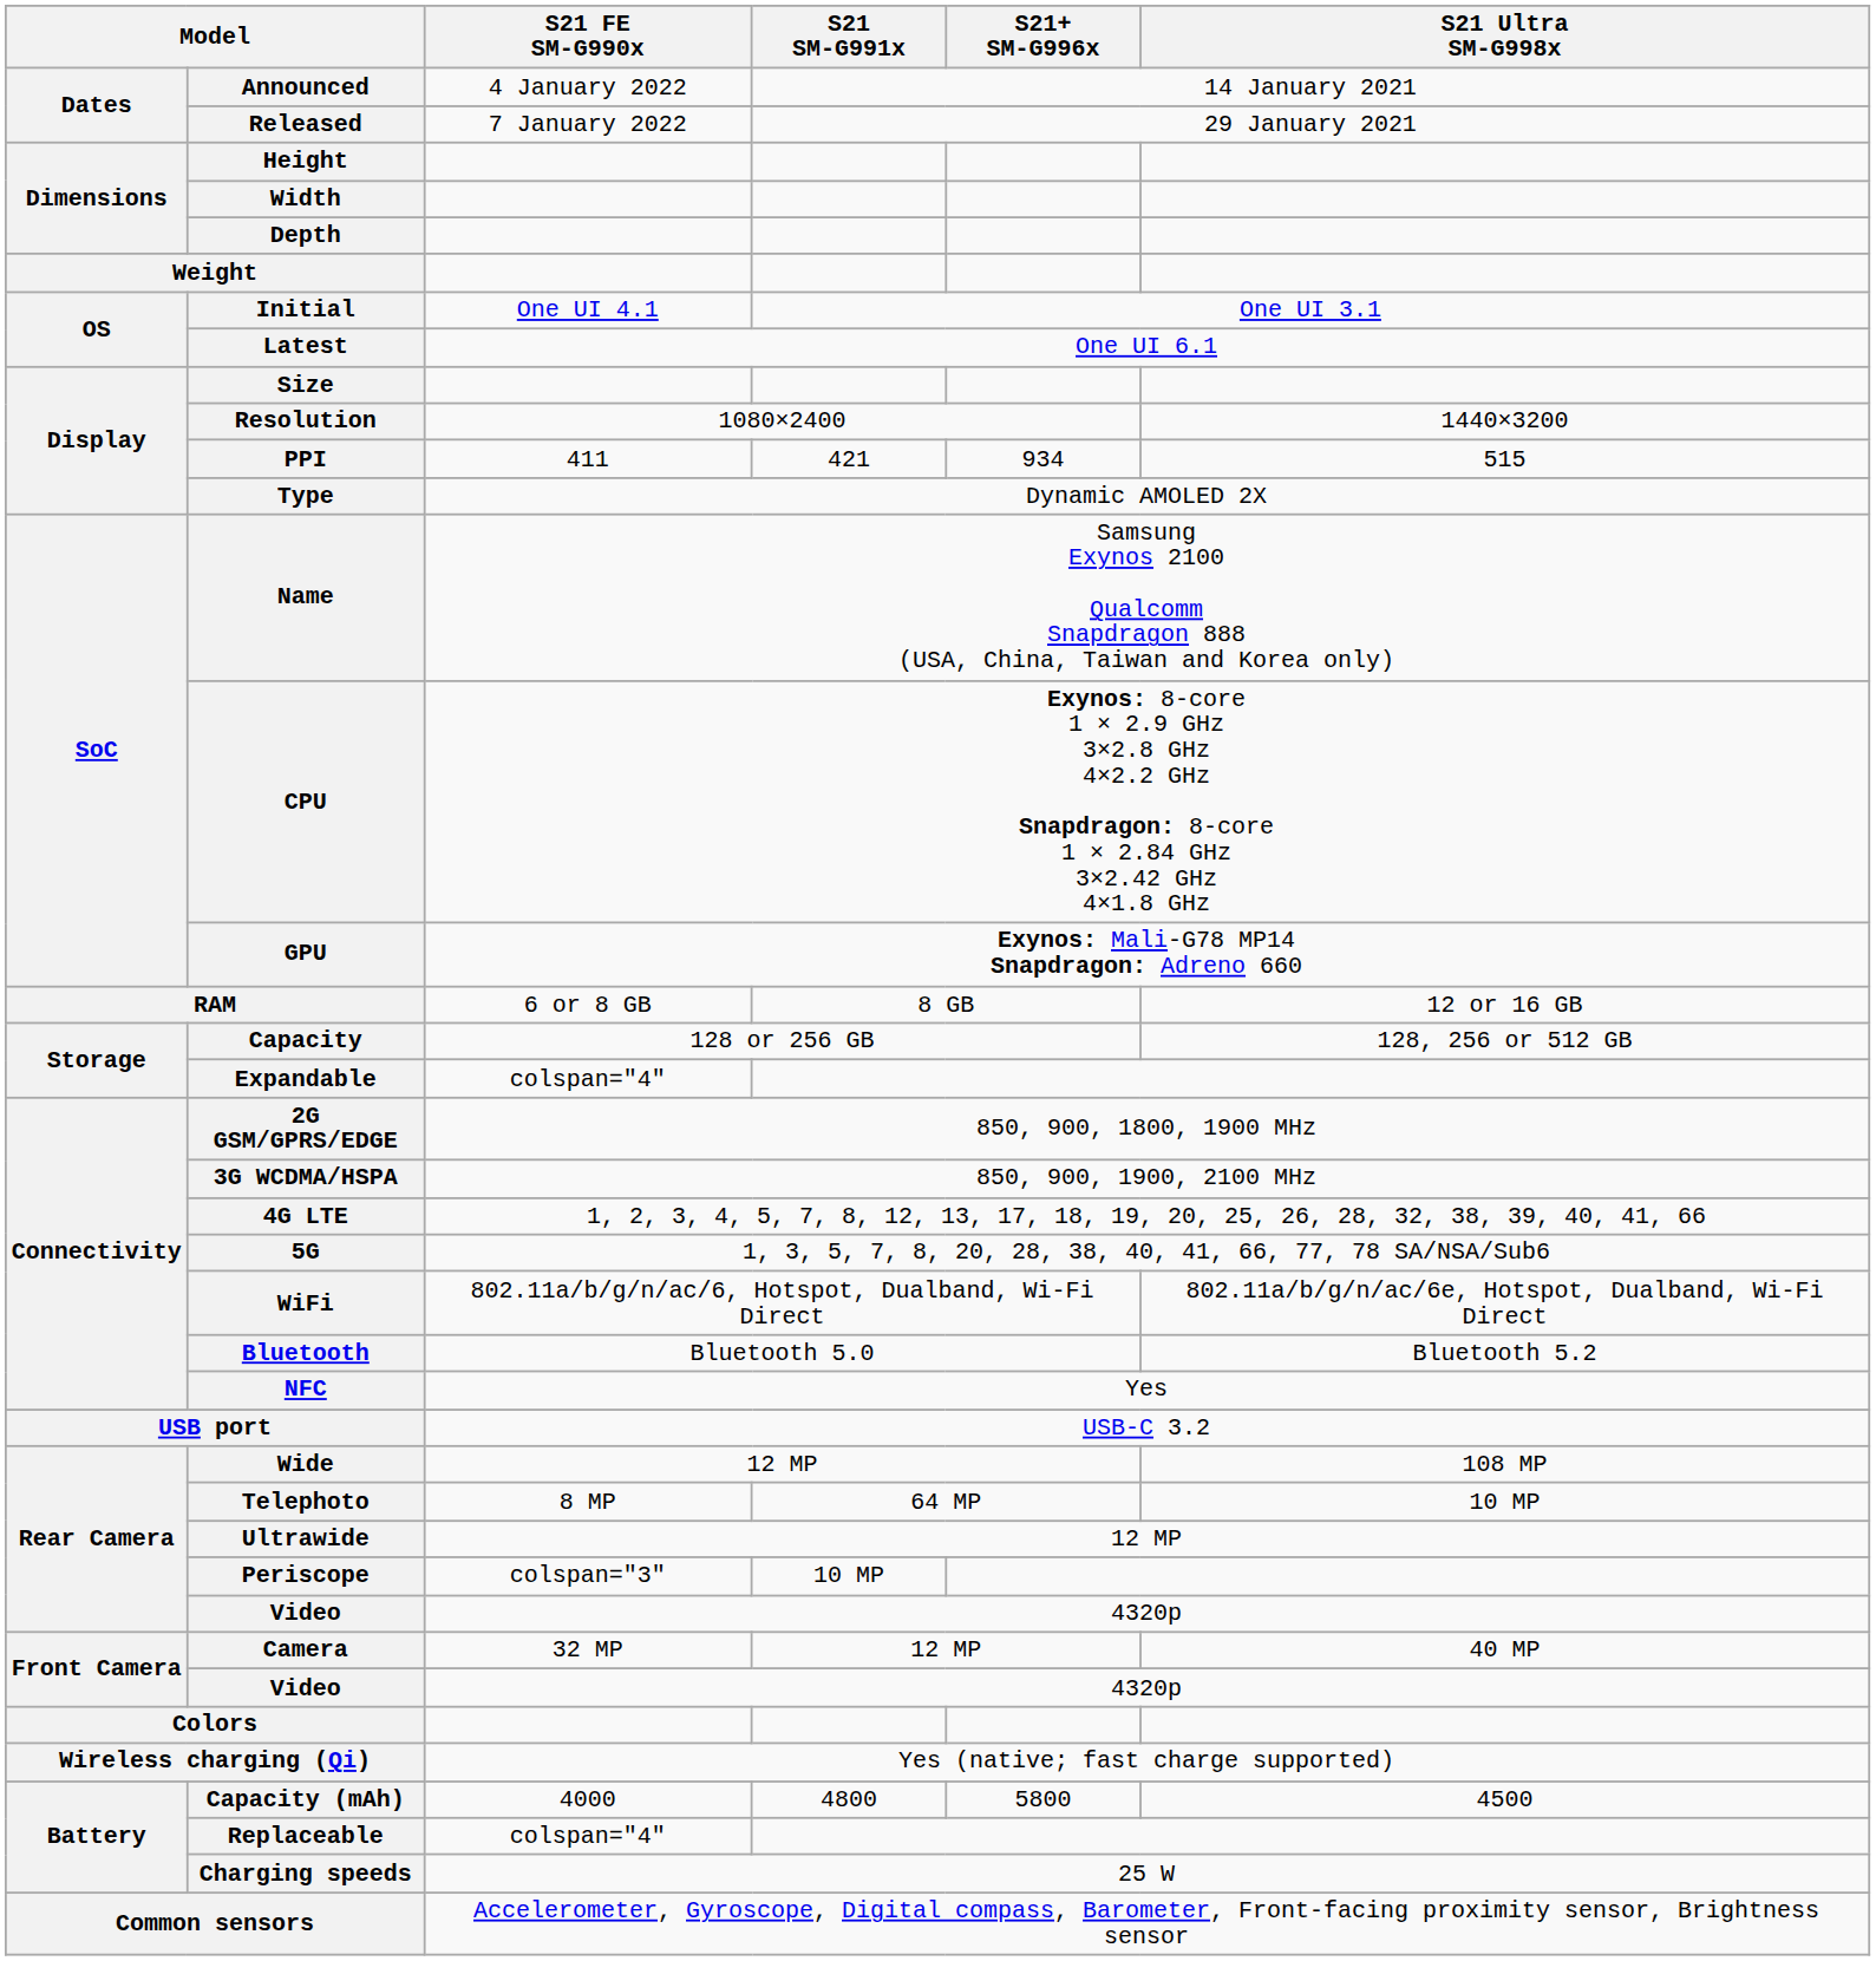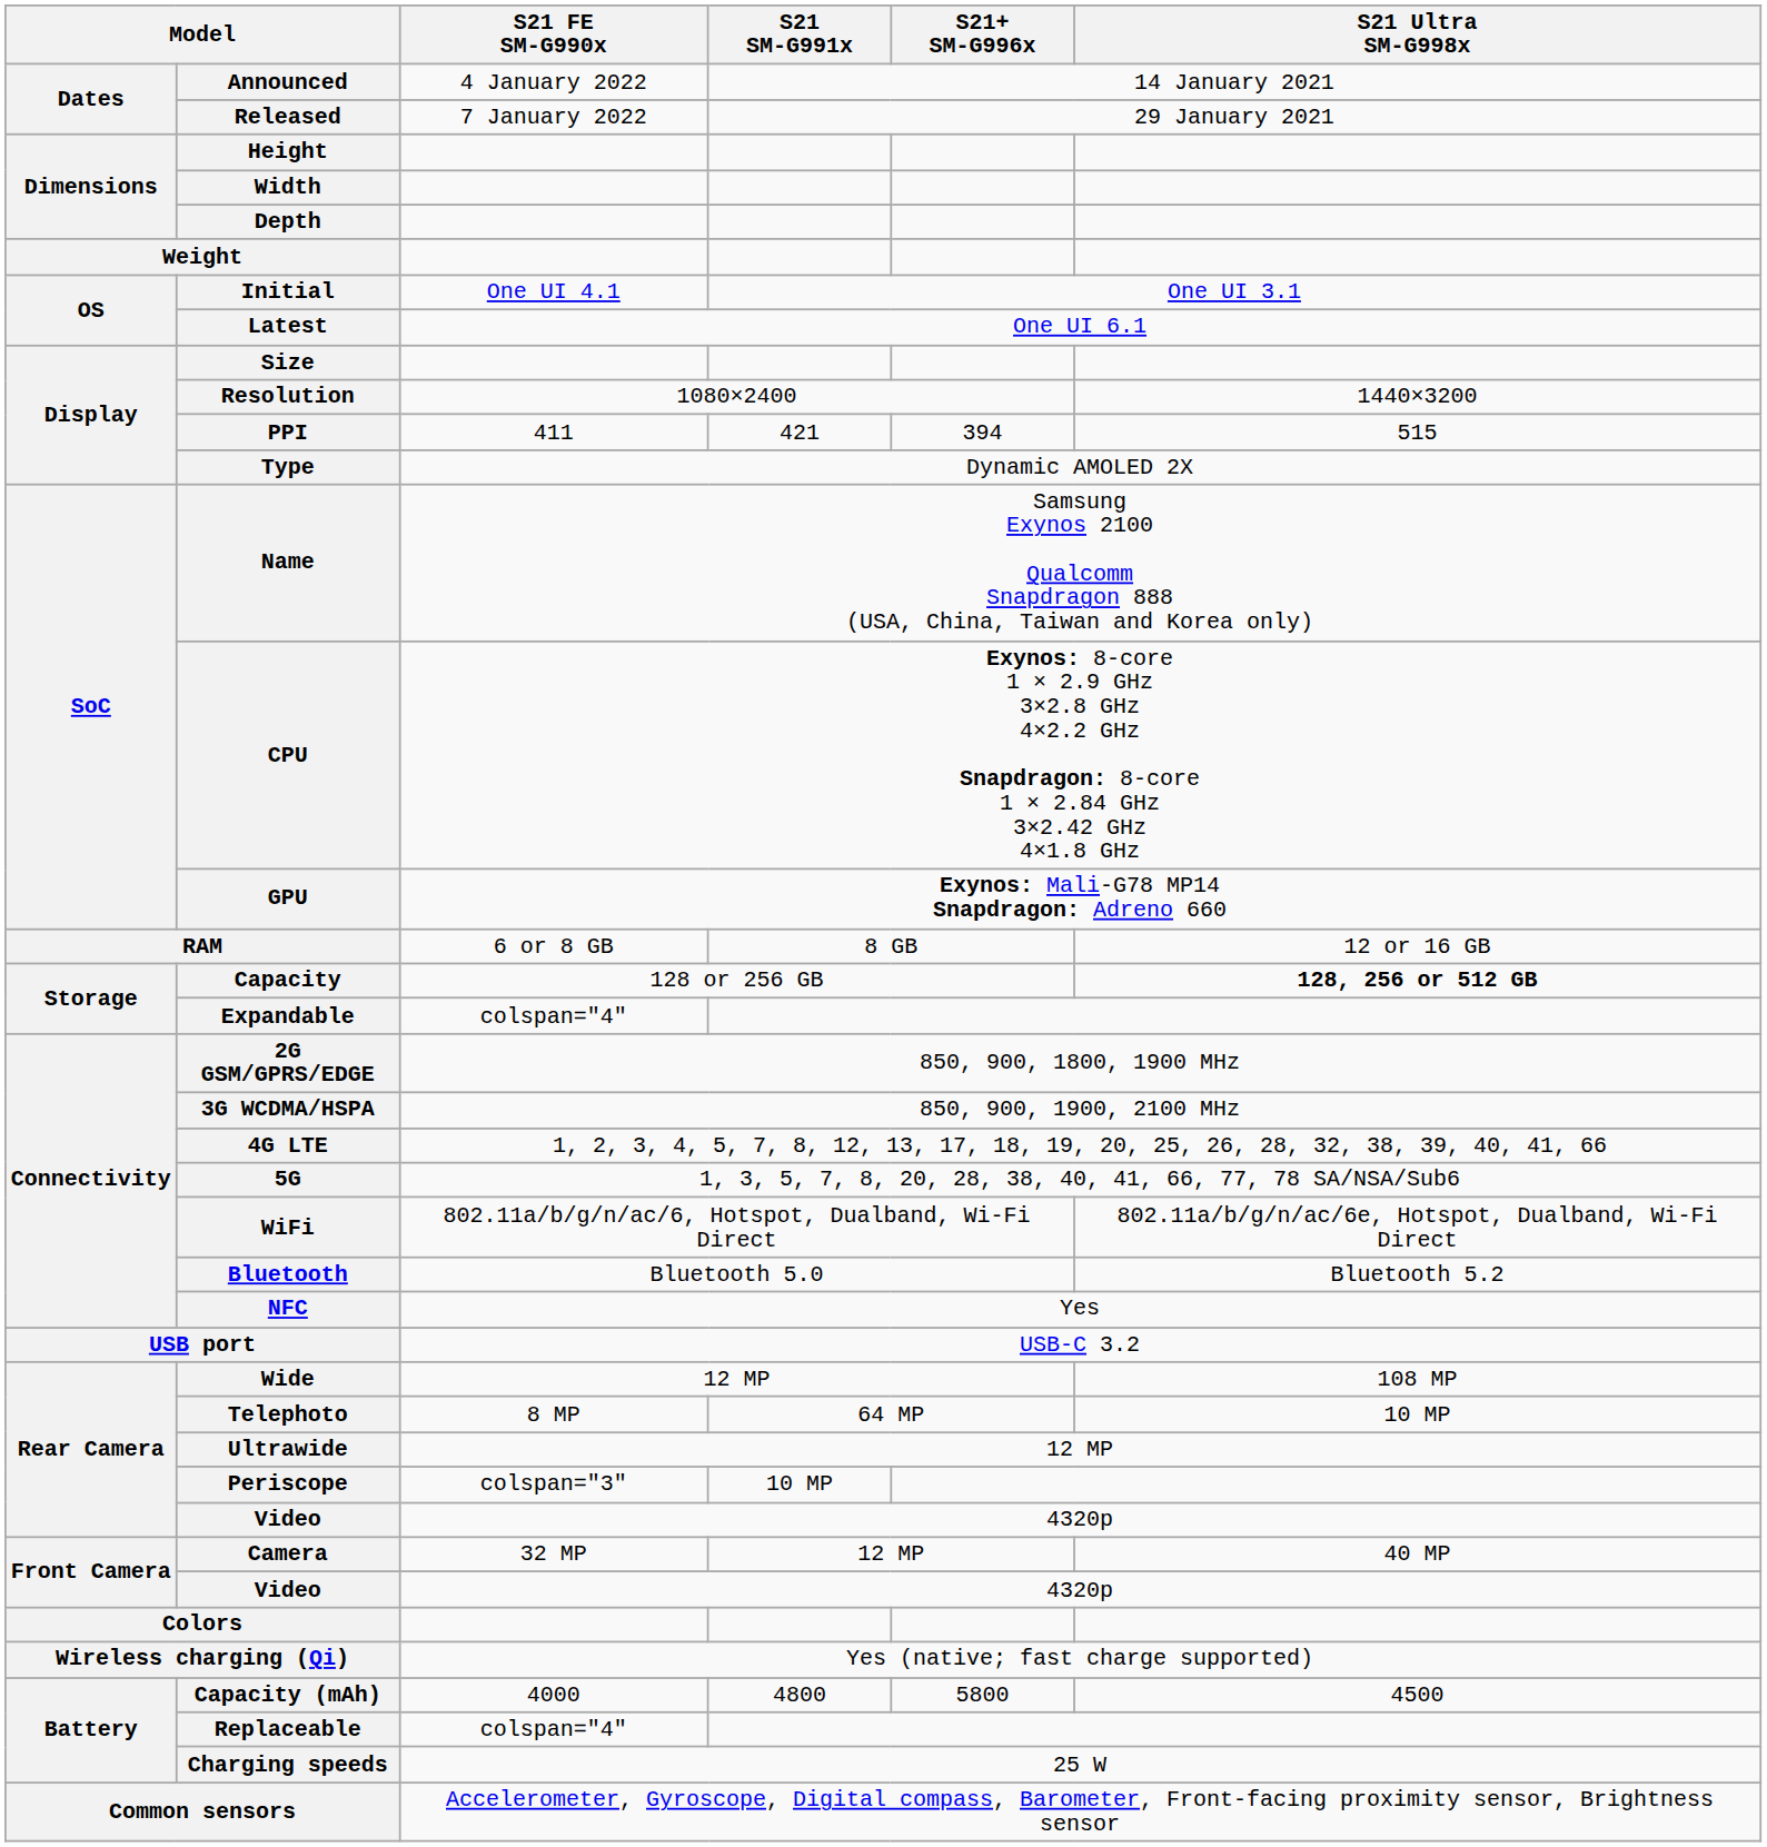 <table class="wikitable" style="text-align: center; font-size:85%">
 <tr>
 <th colspan="2">Model</th>
 <th>S21 FE<br>SM-G990x</th>
 <th>S21<br>SM-G991x</th>
 <th>S21+<br>SM-G996x</th>
 <th>S21 Ultra<br>SM-G998x</th>
 </tr>
 <tr>
 <th rowspan="2">Dates</th>
 <th>Announced</th>
 <td>4 January 2022</td>
 <td colspan="3">14 January 2021</td>
 </tr>
 <tr>
 <th>Released</th>
 <td>7 January 2022</td>
 <td colspan="3">29 January 2021</td>
 </tr>
 <tr>
 <th rowspan="3">Dimensions<br></th>
 <th>Height</th>
 <td></td>
 <td></td>
 <td></td>
 <td></td>
 </tr>
 <tr>
 <th>Width</th>
 <td></td>
 <td></td>
 <td></td>
 <td></td>
 </tr>
 <tr>
 <th>Depth</th>
 <td></td>
 <td></td>
 <td></td>
 <td></td>
 </tr>
 <tr>
 <th colspan="2">Weight<br></th>
 <td></td>
 <td></td>
 <td></td>
 <td></td>
 </tr>
 <tr>
 <th rowspan="2" title="Operating System">OS</th>
 <th>Initial</th>
 <td><a href='#'>One UI 4.1</a><br></td>
 <td colspan="3"><a href='#'>One UI 3.1</a><br></td>
 </tr>
 <tr>
 <th>Latest</th>
 <td colspan="4"><a href='#'>One UI 6.1</a><br></td>
 </tr>
 <tr>
 <th rowspan="4">Display</th>
 <th>Size</th>
 <td></td>
 <td></td>
 <td></td>
 <td></td>
 </tr>
 <tr>
 <th>Resolution</th>
 <td colspan="3">1080×2400</td>
 <td>1440×3200</td>
 </tr>
 <tr>
 <th title="Pixels per Inch">PPI</th>
 <td>411</td>
 <td>421</td>
-<td>934</td>
+<td>394</td>
 <td>515</td>
 </tr>
 <tr>
 <th>Type</th>
 <td colspan="4">Dynamic AMOLED 2X</td>
 </tr>
 <tr>
 <th rowspan="3"><a href='#'>SoC</a></th>
 <th>Name</th>
 <td colspan="4">Samsung<br><a href='#'>Exynos</a> 2100<br><br><a href='#'>Qualcomm</a><br><a href='#'>Snapdragon</a> 888<br>(USA, China, Taiwan and Korea only)</td>
 </tr>
 <tr>
 <th>CPU</th>
 <td colspan="4"><strong>Exynos:</strong> 8-core<br>1 × 2.9 GHz<br>3×2.8 GHz<br>4×2.2 GHz<br><br><strong>Snapdragon:</strong> 8-core<br>1 × 2.84 GHz<br>3×2.42 GHz<br>4×1.8 GHz</td>
 </tr>
 <tr>
 <th>GPU</th>
 <td colspan="4"><strong>Exynos:</strong> <a href='#'>Mali</a>-G78 MP14<br><strong>Snapdragon:</strong> <a href='#'>Adreno</a> 660</td>
 </tr>
 <tr>
 <th colspan="2">RAM</th>
 <td>6 or 8 GB</td>
 <td colspan="2">8 GB</td>
 <td>12 or 16 GB</td>
 </tr>
 <tr>
 <th rowspan="2">Storage</th>
 <th>Capacity</th>
 <td colspan="3">128 or 256 GB</td>
-<td>128, 256 or 512 GB</td>
+<td><strong>128, 256 or 512 GB</strong></td>
 </tr>
 <tr>
 <th>Expandable</th>
 <td>colspan="4" </td>
 </tr>
 <tr>
 <th rowspan="7">Connectivity</th>
 <th>2G GSM/GPRS/EDGE</th>
 <td colspan="4">850, 900, 1800, 1900 MHz</td>
 </tr>
 <tr>
 <th>3G WCDMA/HSPA</th>
 <td colspan="4">850, 900, 1900, 2100 MHz</td>
 </tr>
 <tr>
 <th>4G LTE</th>
 <td colspan="4">1, 2, 3, 4, 5, 7, 8, 12, 13, 17, 18, 19, 20, 25, 26, 28, 32, 38, 39, 40, 41, 66</td>
 </tr>
 <tr>
 <th>5G</th>
 <td colspan="4">1, 3, 5, 7, 8, 20, 28, 38, 40, 41, 66, 77, 78 SA/NSA/Sub6</td>
 </tr>
 <tr>
 <th>WiFi</th>
 <td colspan="3">802.11a/b/g/n/ac/6, Hotspot, Dualband, Wi-Fi Direct</td>
 <td>802.11a/b/g/n/ac/6e, Hotspot, Dualband, Wi-Fi Direct</td>
 </tr>
 <tr>
 <th><a href='#'>Bluetooth</a></th>
 <td colspan="3">Bluetooth 5.0</td>
 <td>Bluetooth 5.2</td>
 </tr>
 <tr>
 <th><a href='#'>NFC</a></th>
 <td colspan="4">Yes</td>
 </tr>
 <tr>
 <th colspan="2"><a href='#'>USB</a> port</th>
 <td colspan="4"><a href='#'>USB-C</a> 3.2</td>
 </tr>
 <tr>
 <th rowspan="5">Rear Camera</th>
 <th>Wide</th>
 <td colspan="3">12 MP</td>
 <td>108 MP</td>
 </tr>
 <tr>
 <th>Telephoto</th>
 <td>8 MP</td>
 <td colspan="2">64 MP</td>
 <td>10 MP</td>
 </tr>
 <tr>
 <th>Ultrawide</th>
 <td colspan="4">12 MP</td>
 </tr>
 <tr>
 <th>Periscope</th>
 <td>colspan="3" </td>
 <td>10 MP</td>
 </tr>
 <tr>
 <th>Video</th>
 <td colspan="4">4320p</td>
 </tr>
 <tr>
 <th rowspan="2">Front Camera</th>
 <th>Camera</th>
 <td>32 MP</td>
 <td colspan="2">12 MP</td>
 <td>40 MP</td>
 </tr>
 <tr>
 <th>Video</th>
 <td colspan="4">4320p</td>
 </tr>
 <tr>
 <th colspan="2">Colors</th>
 <td></td>
 <td></td>
 <td></td>
 <td></td>
 </tr>
 <tr>
 <th colspan="2">Wireless charging (<a href='#'>Qi</a>)</th>
 <td colspan="4">Yes (native; fast charge supported)</td>
 </tr>
 <tr>
 <th rowspan="3">Battery</th>
 <th>Capacity (mAh)</th>
 <td>4000</td>
 <td>4800</td>
 <td>5800</td>
 <td>4500</td>
 </tr>
 <tr>
 <th>Replaceable</th>
 <td>colspan="4" </td>
 </tr>
 <tr>
 <th>Charging speeds</th>
 <td colspan="4">25 W</td>
 </tr>
 <tr>
 <th colspan="2">Common sensors</th>
 <td colspan="4"><a href='#'>Accelerometer</a>, <a href='#'>Gyroscope</a>, <a href='#'>Digital compass</a>, <a href='#'>Barometer</a>, Front-facing proximity sensor, Brightness sensor</td>
 </tr>
 </table>
